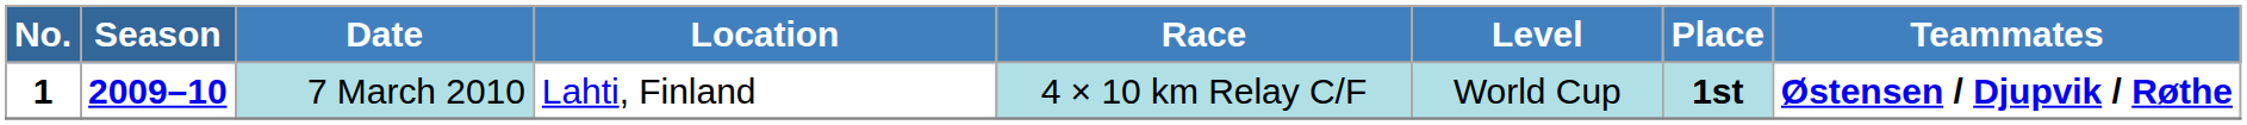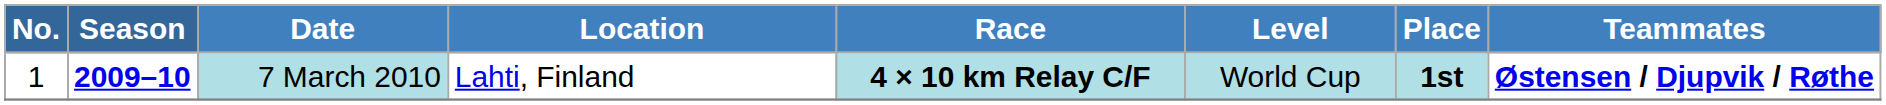 <table class="wikitable sortable" style="font-size:95%; text-align:center; border:grey solid 1px; border-collapse:collapse; background:#ffffff;">
 <tr style="background:#efefef;">
 <th style="background-color:#369; color:white;">No.</th>
 <th style="background-color:#369; color:white;">Season</th>
 <th style="background-color:#4180be; color:white; width:120px;">Date</th>
 <th style="background-color:#4180be; color:white; width:190px;">Location</th>
 <th style="background-color:#4180be; color:white; width:170px;">Race</th>
 <th style="background-color:#4180be; color:white; width:100px;">Level</th>
 <th style="background-color:#4180be; color:white;">Place</th>
 <th style="background-color:#4180be; color:white;">Teammates</th>
 </tr>
 <tr>
-<td align=center><strong>1</strong></td>
+<td align=center>1</td>
 <td rowspan=1 align=center><strong><a href='#'>2009–10</a></strong></td>
 <td bgcolor="#BOEOE6" align=right>7 March 2010</td>
 <td align=left> <a href='#'>Lahti</a>, Finland</td>
-<td bgcolor="#BOEOE6">4 × 10 km Relay C/F</td>
+<td bgcolor="#BOEOE6"><strong>4 × 10 km Relay C/F</strong></td>
 <td bgcolor="#BOEOE6">World Cup</td>
 <td bgcolor="#BOEOE6"><strong>1st</strong></td>
 <td><strong><a href='#'>Østensen</a> / <a href='#'>Djupvik</a> / <a href='#'>Røthe</a></strong></td>
 </tr>
 <tr>
 </tr>
 </table>
